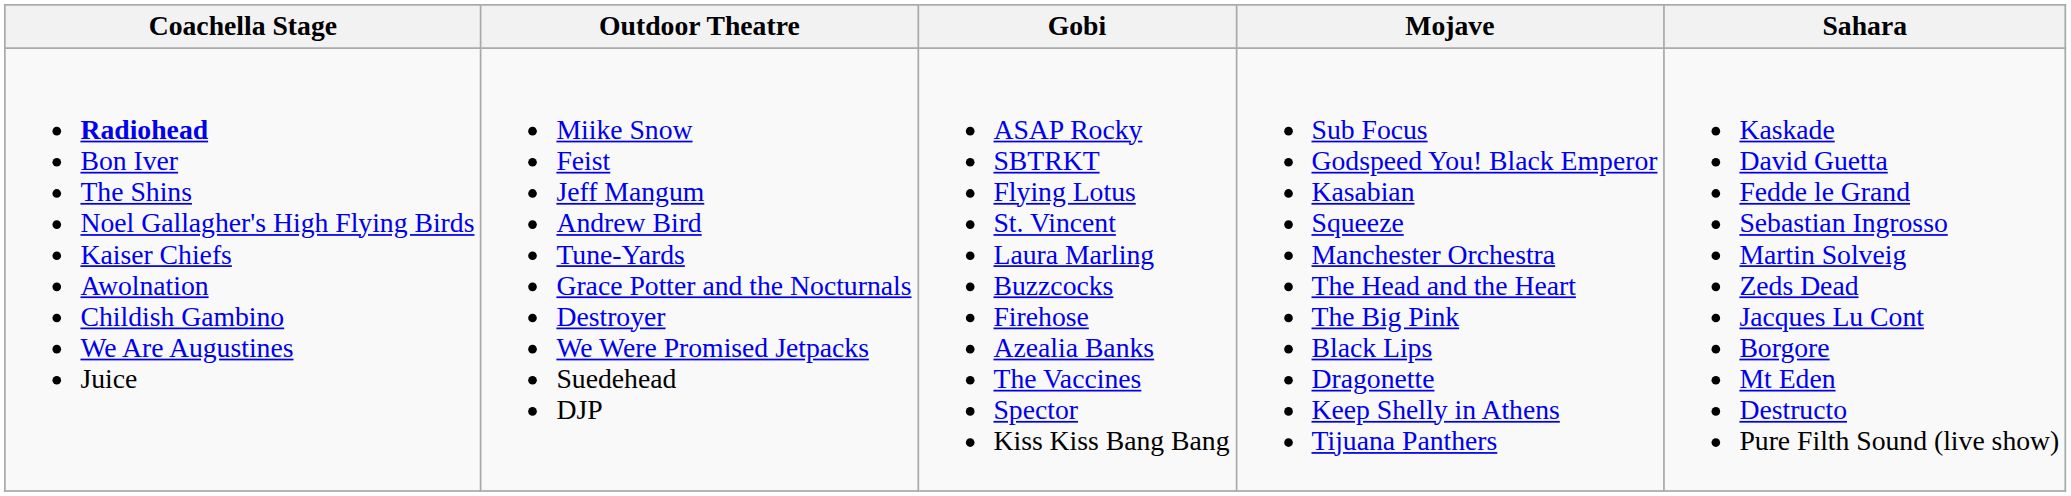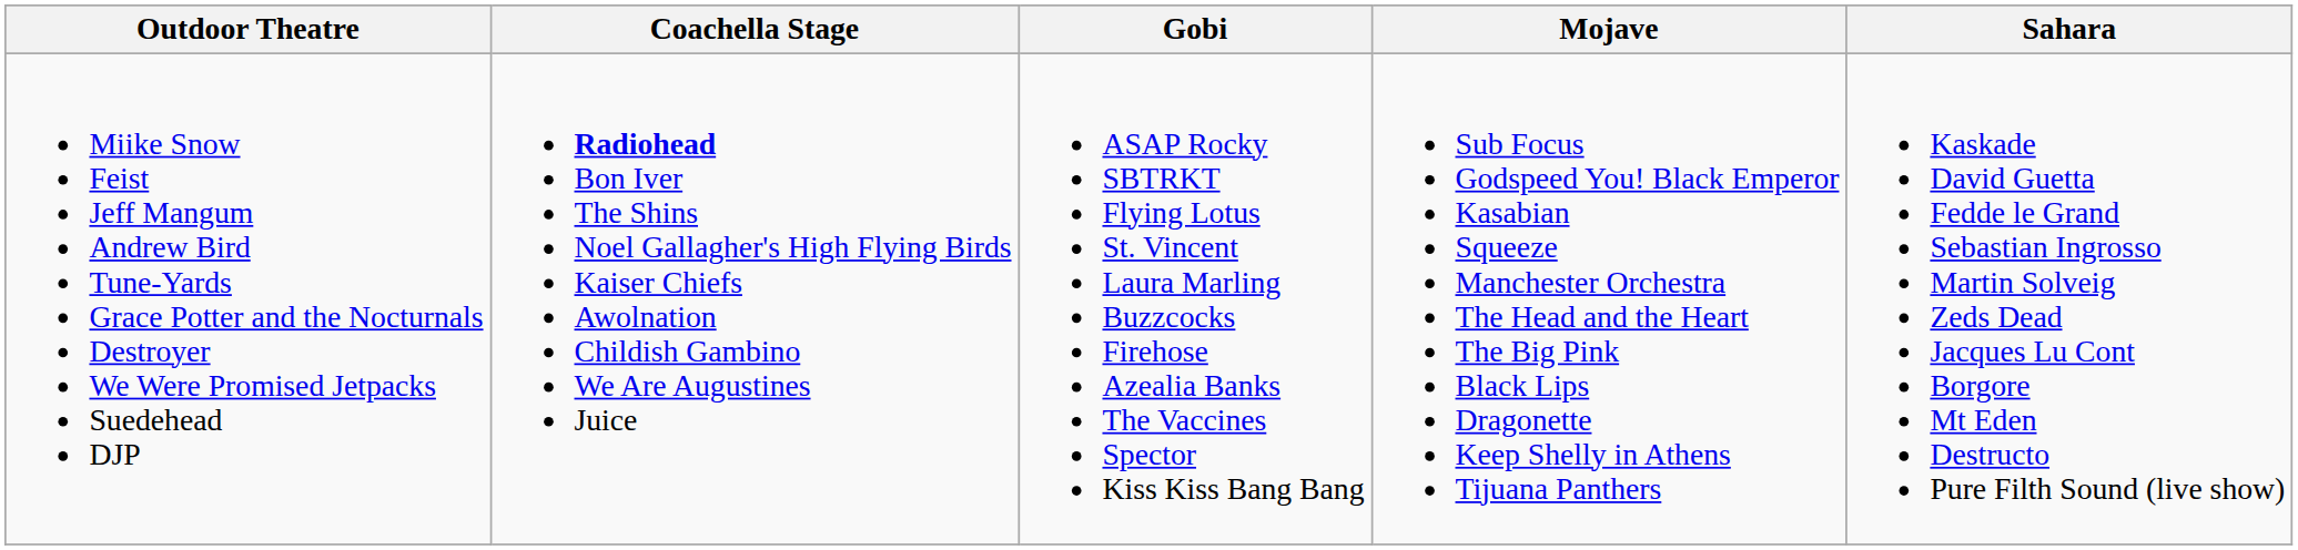 <table class="wikitable">
 <tr>
+<th>Outdoor Theatre</th>
 <th>Coachella Stage</th>
-<th>Outdoor Theatre</th>
 <th>Gobi</th>
 <th>Mojave</th>
 <th>Sahara</th>
 </tr>
 <tr valign="top">
+<td><br><ul><li><a href='#'>Miike Snow</a></li><li><a href='#'>Feist</a></li><li><a href='#'>Jeff Mangum</a></li><li><a href='#'>Andrew Bird</a></li><li><a href='#'>Tune-Yards</a></li><li><a href='#'>Grace Potter and the Nocturnals</a></li><li><a href='#'>Destroyer</a></li><li><a href='#'>We Were Promised Jetpacks</a></li><li>Suedehead</li><li>DJP</li></ul></td>
 <td><br><ul><li><strong><a href='#'>Radiohead</a></strong></li><li><a href='#'>Bon Iver</a></li><li><a href='#'>The Shins</a></li><li><a href='#'>Noel Gallagher's High Flying Birds</a></li><li><a href='#'>Kaiser Chiefs</a></li><li><a href='#'>Awolnation</a></li><li><a href='#'>Childish Gambino</a></li><li><a href='#'>We Are Augustines</a></li><li>Juice</li></ul></td>
-<td><br><ul><li><a href='#'>Miike Snow</a></li><li><a href='#'>Feist</a></li><li><a href='#'>Jeff Mangum</a></li><li><a href='#'>Andrew Bird</a></li><li><a href='#'>Tune-Yards</a></li><li><a href='#'>Grace Potter and the Nocturnals</a></li><li><a href='#'>Destroyer</a></li><li><a href='#'>We Were Promised Jetpacks</a></li><li>Suedehead</li><li>DJP</li></ul></td>
 <td><br><ul><li><a href='#'>ASAP Rocky</a></li><li><a href='#'>SBTRKT</a></li><li><a href='#'>Flying Lotus</a></li><li><a href='#'>St. Vincent</a></li><li><a href='#'>Laura Marling</a></li><li><a href='#'>Buzzcocks</a></li><li><a href='#'>Firehose</a></li><li><a href='#'>Azealia Banks</a></li><li><a href='#'>The Vaccines</a></li><li><a href='#'>Spector</a></li><li>Kiss Kiss Bang Bang</li></ul></td>
 <td><br><ul><li><a href='#'>Sub Focus</a></li><li><a href='#'>Godspeed You! Black Emperor</a></li><li><a href='#'>Kasabian</a></li><li><a href='#'>Squeeze</a></li><li><a href='#'>Manchester Orchestra</a></li><li><a href='#'>The Head and the Heart</a></li><li><a href='#'>The Big Pink</a></li><li><a href='#'>Black Lips</a></li><li><a href='#'>Dragonette</a></li><li><a href='#'>Keep Shelly in Athens</a></li><li><a href='#'>Tijuana Panthers</a></li></ul></td>
 <td><br><ul><li><a href='#'>Kaskade</a></li><li><a href='#'>David Guetta</a></li><li><a href='#'>Fedde le Grand</a></li><li><a href='#'>Sebastian Ingrosso</a></li><li><a href='#'>Martin Solveig</a></li><li><a href='#'>Zeds Dead</a></li><li><a href='#'>Jacques Lu Cont</a></li><li><a href='#'>Borgore</a></li><li><a href='#'>Mt Eden</a></li><li><a href='#'>Destructo</a></li><li>Pure Filth Sound (live show)</li></ul></td>
 </tr>
 </table>
